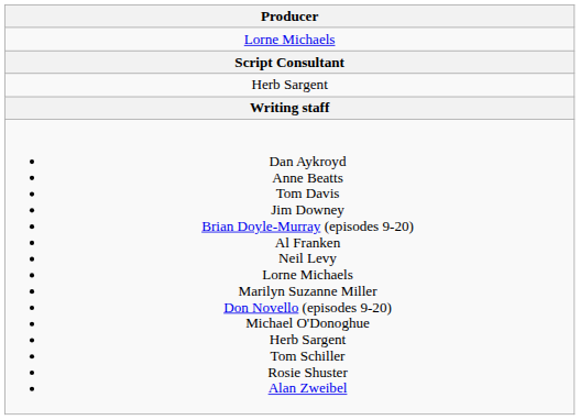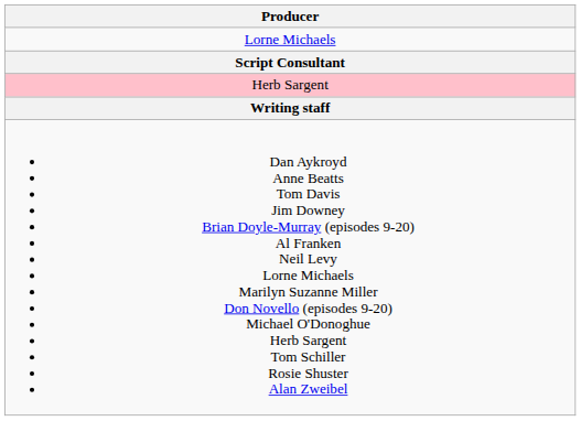 <table class="wikitable plainrowheaders"  style="text-align:center; width:50%;">
 <tr>
 <th><strong>Producer</strong></th>
 </tr>
 <tr>
 <td><a href='#'>Lorne Michaels</a></td>
 </tr>
 <tr>
 <th><strong>Script Consultant</strong></th>
 </tr>
 <tr>
-<td>Herb Sargent</td>
+<td style="background: pink;">Herb Sargent</td>
 </tr>
 <tr>
 <th><strong>Writing staff</strong></th>
 </tr>
 <tr>
 <td><br><ul><li>Dan Aykroyd</li><li>Anne Beatts</li><li>Tom Davis</li><li>Jim Downey</li><li><a href='#'>Brian Doyle-Murray</a> (episodes 9-20)</li><li>Al Franken</li><li>Neil Levy</li><li>Lorne Michaels</li><li>Marilyn Suzanne Miller</li><li><a href='#'>Don Novello</a> (episodes 9-20)</li><li>Michael O'Donoghue</li><li>Herb Sargent</li><li>Tom Schiller</li><li>Rosie Shuster</li><li><a href='#'>Alan Zweibel</a></li></ul></td>
 </tr>
 </table>
